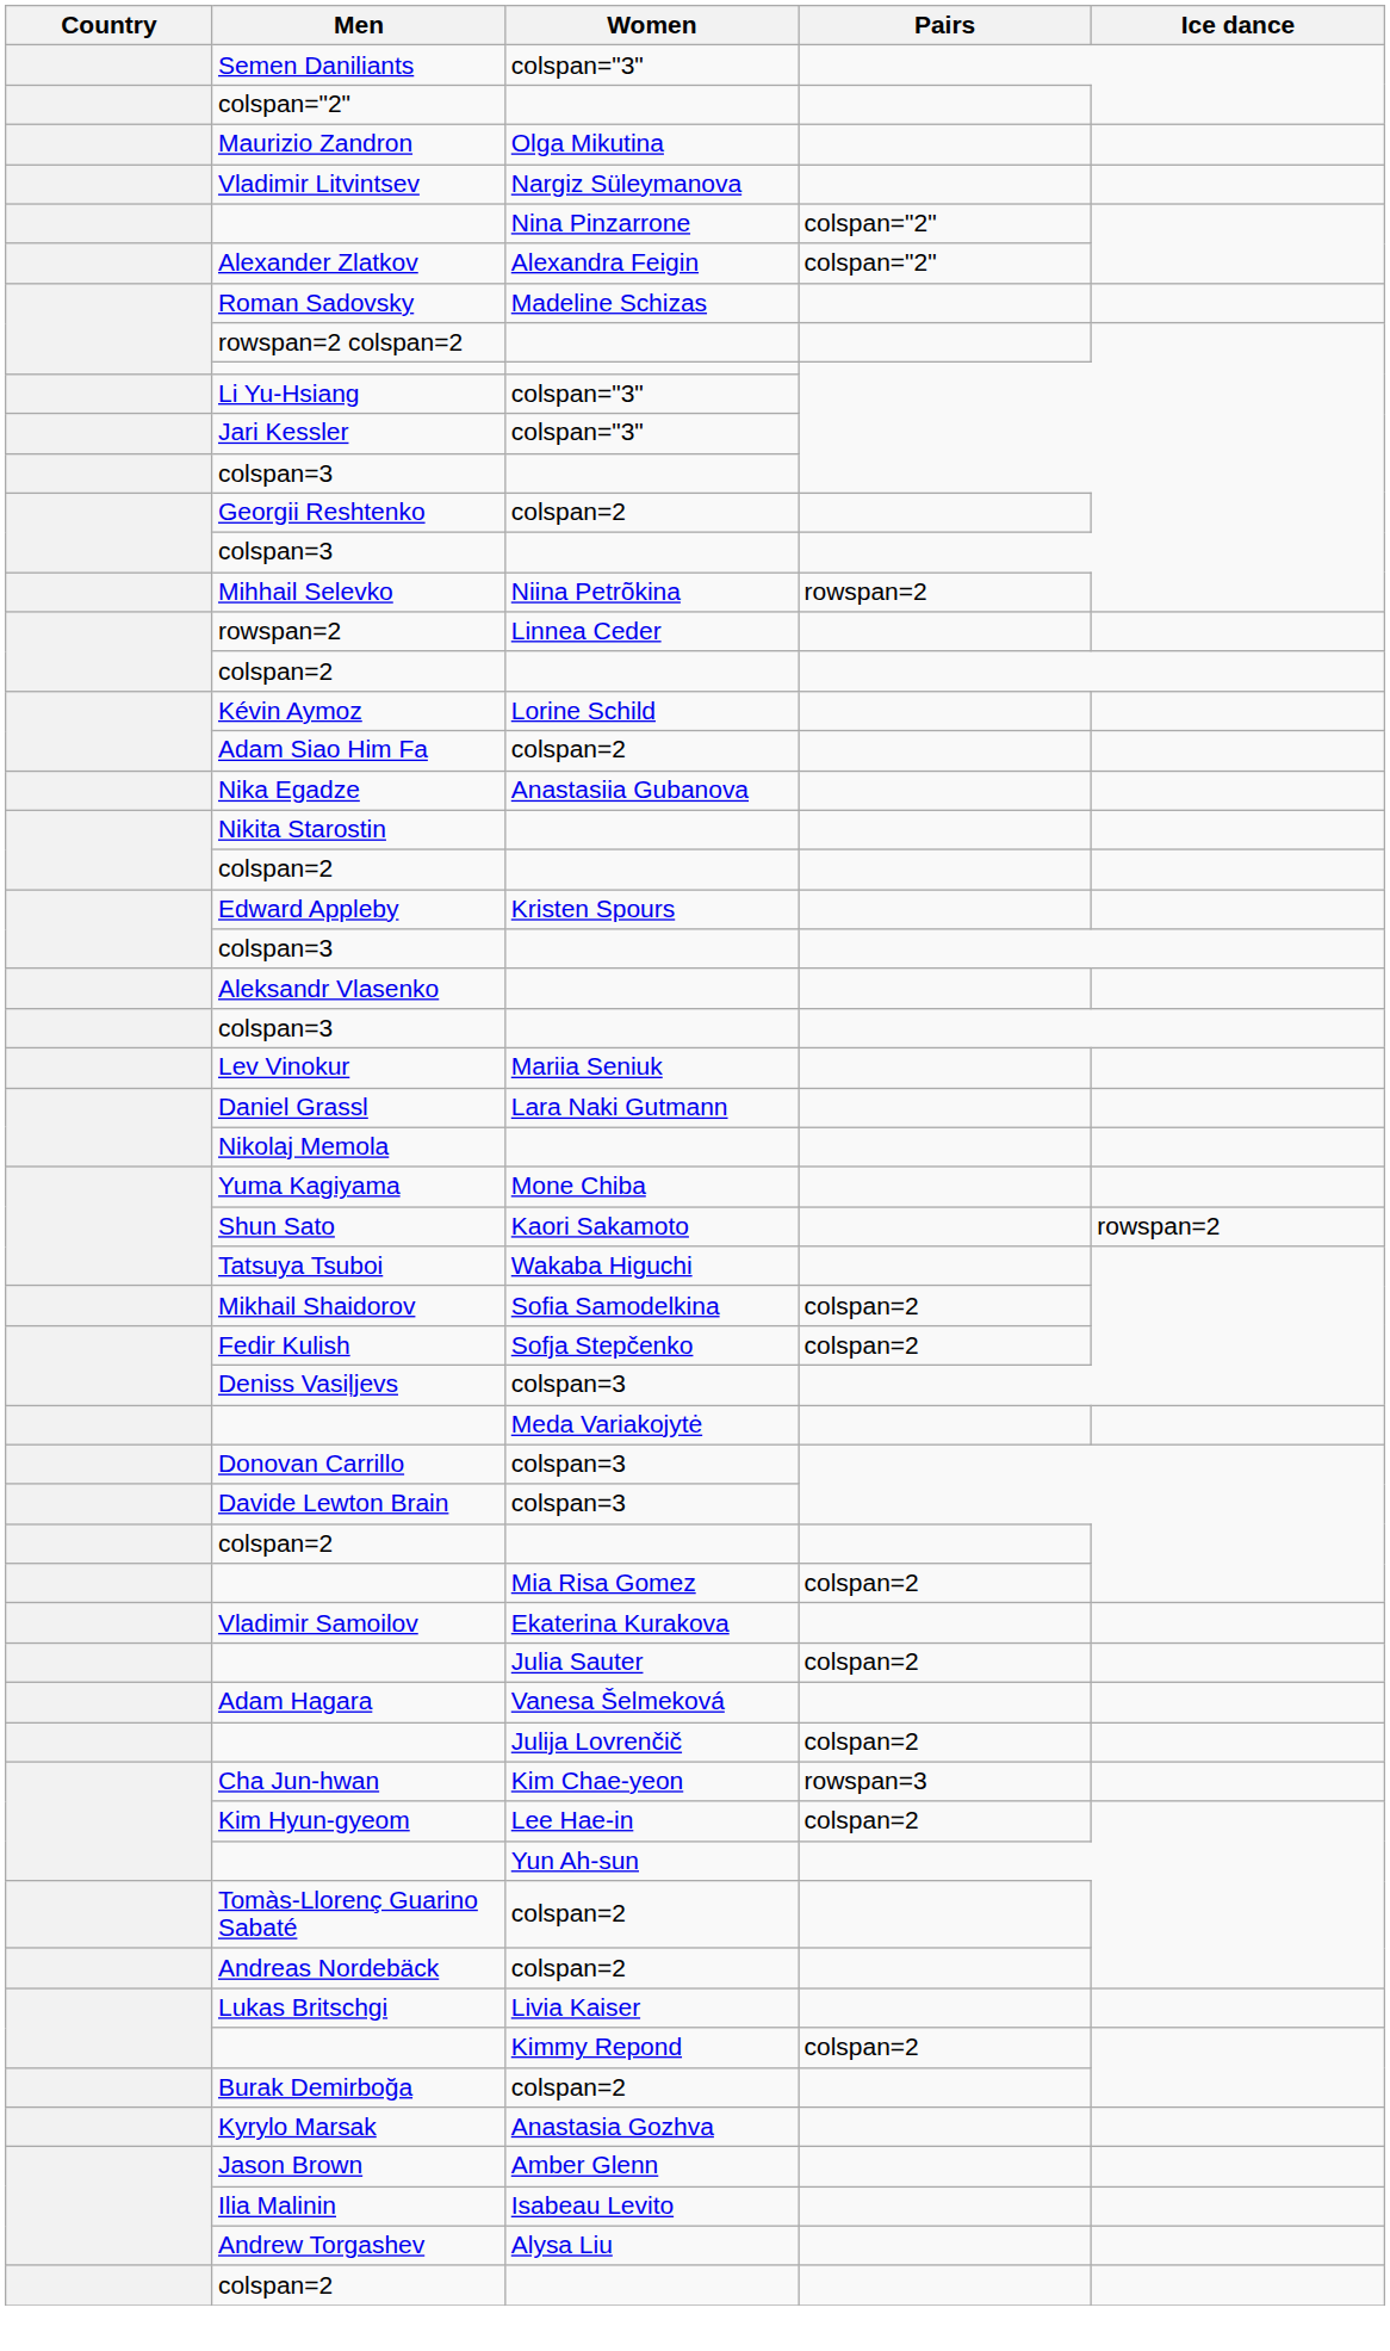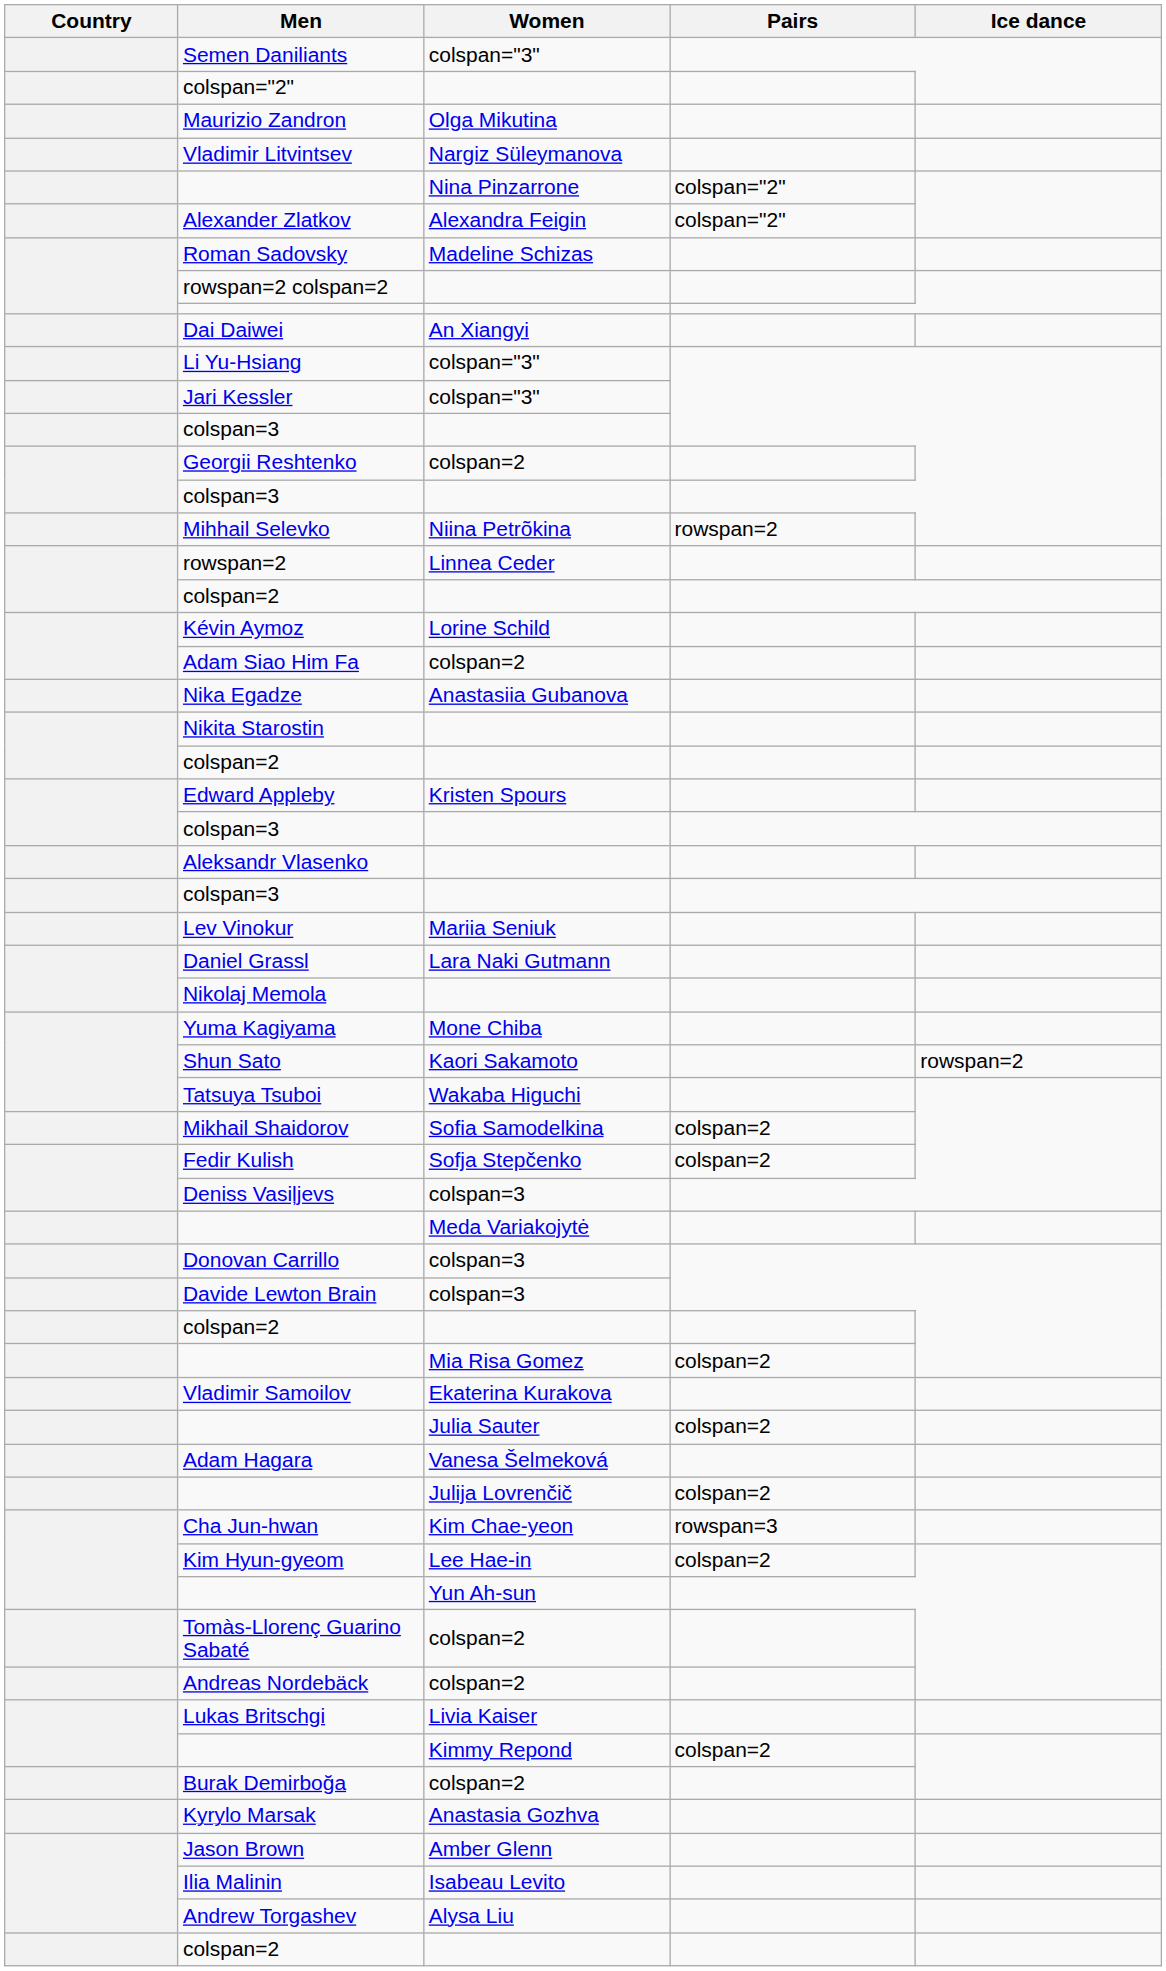 <table class="wikitable unsortable" style="text-align:left; width:100%">
 <tr>
 <th scope="col" style="width:15%">Country</th>
 <th scope="col" style="width:21.25%">Men</th>
 <th scope="col" style="width:21.25%">Women</th>
 <th scope="col" style="width:21.25%">Pairs</th>
 <th scope="col" style="width:21.25%">Ice dance</th>
 </tr>
 <tr>
 <th scope="row" style="text-align:left"></th>
 <td><a href='#'>Semen Daniliants</a></td>
 <td>colspan="3" </td>
 </tr>
 <tr>
 <th scope="row" style="text-align:left"></th>
 <td>colspan="2" </td>
 <td></td>
 <td></td>
 </tr>
 <tr>
 <th scope="row" style="text-align:left"></th>
 <td><a href='#'>Maurizio Zandron</a></td>
 <td><a href='#'>Olga Mikutina</a></td>
 <td></td>
 <td></td>
 </tr>
 <tr>
 <th scope="row" style="text-align:left"></th>
 <td><a href='#'>Vladimir Litvintsev</a></td>
 <td><a href='#'>Nargiz Süleymanova</a></td>
 <td></td>
 <td></td>
 </tr>
 <tr>
 <th scope="row" style="text-align:left"></th>
 <td></td>
 <td><a href='#'>Nina Pinzarrone</a></td>
 <td>colspan="2" </td>
 </tr>
 <tr>
 <th scope="row" style="text-align:left"></th>
 <td><a href='#'>Alexander Zlatkov</a></td>
 <td><a href='#'>Alexandra Feigin</a></td>
 <td>colspan="2" </td>
 </tr>
 <tr>
 <th rowspan="3" scope="row" style="text-align:left"></th>
 <td><a href='#'>Roman Sadovsky</a></td>
 <td><a href='#'>Madeline Schizas</a></td>
 <td></td>
 <td></td>
 </tr>
 <tr>
 <td>rowspan=2 colspan=2 </td>
 <td></td>
 <td></td>
 </tr>
 <tr>
+<td></td>
+<td></td>
+</tr>
+<tr>
+<th scope="row" style="text-align:left"></th>
+<td><a href='#'>Dai Daiwei</a></td>
+<td><a href='#'>An Xiangyi</a></td>
 <td></td>
 <td></td>
 </tr>
 <tr>
 <th scope="row" style="text-align:left"></th>
 <td><a href='#'>Li Yu-Hsiang</a></td>
 <td>colspan="3" </td>
 </tr>
 <tr>
 <th scope="row" style="text-align:left"></th>
 <td><a href='#'>Jari Kessler</a></td>
 <td>colspan="3" </td>
 </tr>
 <tr>
 <th scope="row" style="text-align:left"></th>
 <td>colspan=3 </td>
 <td></td>
 </tr>
 <tr>
 <th scope="row" style="text-align:left" rowspan="2"></th>
 <td><a href='#'>Georgii Reshtenko</a></td>
 <td>colspan=2 </td>
 <td></td>
 </tr>
 <tr>
 <td>colspan=3 </td>
 <td></td>
 </tr>
 <tr>
 <th scope="row" style="text-align:left"></th>
 <td><a href='#'>Mihhail Selevko</a></td>
 <td><a href='#'>Niina Petrõkina</a></td>
 <td>rowspan=2 </td>
 </tr>
 <tr>
 <th rowspan="2" scope="row" style="text-align:left"></th>
 <td>rowspan=2 </td>
 <td><a href='#'>Linnea Ceder</a></td>
 <td></td>
 <td></td>
 </tr>
 <tr>
 <td>colspan=2 </td>
 <td></td>
 </tr>
 <tr>
 <th rowspan="2" scope="row" style="text-align:left"></th>
 <td><a href='#'>Kévin Aymoz</a></td>
 <td><a href='#'>Lorine Schild</a></td>
 <td></td>
 <td></td>
 </tr>
 <tr>
 <td><a href='#'>Adam Siao Him Fa</a></td>
 <td>colspan=2 </td>
 <td></td>
 </tr>
 <tr>
 <th scope="row" style="text-align:left"></th>
 <td><a href='#'>Nika Egadze</a></td>
 <td><a href='#'>Anastasiia Gubanova</a></td>
 <td></td>
 <td></td>
 </tr>
 <tr>
 <th rowspan="2" scope="row" style="text-align:left"></th>
 <td><a href='#'>Nikita Starostin</a></td>
 <td></td>
 <td></td>
 <td></td>
 </tr>
 <tr>
 <td>colspan=2 </td>
 <td></td>
 <td></td>
 </tr>
 <tr>
 <th rowspan="2" scope="row" style="text-align:left"></th>
 <td><a href='#'>Edward Appleby</a></td>
 <td><a href='#'>Kristen Spours</a></td>
 <td></td>
 <td></td>
 </tr>
 <tr>
 <td>colspan=3 </td>
 <td></td>
 </tr>
 <tr>
 <th scope="row" style="text-align:left"></th>
 <td><a href='#'>Aleksandr Vlasenko</a></td>
 <td></td>
 <td></td>
 <td></td>
 </tr>
 <tr>
 <th scope="row" style="text-align:left"></th>
 <td>colspan=3 </td>
 <td></td>
 </tr>
 <tr>
 <th scope="row" style="text-align:left"></th>
 <td><a href='#'>Lev Vinokur</a></td>
 <td><a href='#'>Mariia Seniuk</a></td>
 <td></td>
 <td></td>
 </tr>
 <tr>
 <th rowspan="2" scope="row" style="text-align:left"></th>
 <td><a href='#'>Daniel Grassl</a></td>
 <td><a href='#'>Lara Naki Gutmann</a></td>
 <td></td>
 <td></td>
 </tr>
 <tr>
 <td><a href='#'>Nikolaj Memola</a></td>
 <td></td>
 <td></td>
 <td></td>
 </tr>
 <tr>
 <th rowspan="3" scope="row" style="text-align:left"></th>
 <td><a href='#'>Yuma Kagiyama</a></td>
 <td><a href='#'>Mone Chiba</a></td>
 <td></td>
 <td></td>
 </tr>
 <tr>
 <td><a href='#'>Shun Sato</a></td>
 <td><a href='#'>Kaori Sakamoto</a></td>
 <td></td>
 <td>rowspan=2 </td>
 </tr>
 <tr>
 <td><a href='#'>Tatsuya Tsuboi</a></td>
 <td><a href='#'>Wakaba Higuchi</a></td>
 <td></td>
 </tr>
 <tr>
 <th scope="row" style="text-align:left"></th>
 <td><a href='#'>Mikhail Shaidorov</a></td>
 <td><a href='#'>Sofia Samodelkina</a></td>
 <td>colspan=2 </td>
 </tr>
 <tr>
 <th rowspan="2" scope="row" style="text-align:left"></th>
 <td><a href='#'>Fedir Kulish</a></td>
 <td><a href='#'>Sofja Stepčenko</a></td>
 <td>colspan=2 </td>
 </tr>
 <tr>
 <td><a href='#'>Deniss Vasiļjevs</a></td>
 <td>colspan=3 </td>
 </tr>
 <tr>
 <th scope="row" style="text-align:left"></th>
 <td></td>
 <td><a href='#'>Meda Variakojytė</a></td>
 <td></td>
 <td></td>
 </tr>
 <tr>
 <th scope="row" style="text-align:left"></th>
 <td><a href='#'>Donovan Carrillo</a></td>
 <td>colspan=3 </td>
 </tr>
 <tr>
 <th scope="row" style="text-align:left"></th>
 <td><a href='#'>Davide Lewton Brain</a></td>
 <td>colspan=3 </td>
 </tr>
 <tr>
 <th scope="row" style="text-align:left"></th>
 <td>colspan=2 </td>
 <td></td>
 <td></td>
 </tr>
 <tr>
 <th scope="row" style="text-align:left"></th>
 <td></td>
 <td><a href='#'>Mia Risa Gomez</a></td>
 <td>colspan=2 </td>
 </tr>
 <tr>
 <th scope="row" style="text-align:left"></th>
 <td><a href='#'>Vladimir Samoilov</a></td>
 <td><a href='#'>Ekaterina Kurakova</a></td>
 <td></td>
 <td></td>
 </tr>
 <tr>
 <th scope="row" style="text-align:left"></th>
 <td></td>
 <td><a href='#'>Julia Sauter</a></td>
 <td>colspan=2 </td>
 </tr>
 <tr>
 <th scope="row" style="text-align:left"></th>
 <td><a href='#'>Adam Hagara</a></td>
 <td><a href='#'>Vanesa Šelmeková</a></td>
 <td></td>
 <td></td>
 </tr>
 <tr>
 <th scope="row" style="text-align:left"></th>
 <td></td>
 <td><a href='#'>Julija Lovrenčič</a></td>
 <td>colspan=2 </td>
 </tr>
 <tr>
 <th rowspan="3" scope="row" style="text-align:left"></th>
 <td><a href='#'>Cha Jun-hwan</a></td>
 <td><a href='#'>Kim Chae-yeon</a></td>
 <td>rowspan=3 </td>
 <td></td>
 </tr>
 <tr>
 <td><a href='#'>Kim Hyun-gyeom</a></td>
 <td><a href='#'>Lee Hae-in</a></td>
 <td>colspan=2 </td>
 </tr>
 <tr>
 <td></td>
 <td><a href='#'>Yun Ah-sun</a></td>
 </tr>
 <tr>
 <th scope="row" style="text-align:left"></th>
 <td><a href='#'>Tomàs-Llorenç Guarino Sabaté</a></td>
 <td>colspan=2 </td>
 <td></td>
 </tr>
 <tr>
 <th scope="row" style="text-align:left"></th>
 <td><a href='#'>Andreas Nordebäck</a></td>
 <td>colspan=2 </td>
 <td></td>
 </tr>
 <tr>
 <th rowspan=2 scope="row" style="text-align:left"></th>
 <td><a href='#'>Lukas Britschgi</a></td>
 <td><a href='#'>Livia Kaiser</a></td>
 <td></td>
 <td></td>
 </tr>
 <tr>
 <td></td>
 <td><a href='#'>Kimmy Repond</a></td>
 <td>colspan=2 </td>
 </tr>
 <tr>
 <th scope="row" style="text-align:left"></th>
 <td><a href='#'>Burak Demirboğa</a></td>
 <td>colspan=2 </td>
 <td></td>
 </tr>
 <tr>
 <th scope="row" style="text-align:left"></th>
 <td><a href='#'>Kyrylo Marsak</a></td>
 <td><a href='#'>Anastasia Gozhva</a></td>
 <td></td>
 <td></td>
 </tr>
 <tr>
 <th rowspan="3" scope="row" style="text-align:left"></th>
 <td><a href='#'>Jason Brown</a></td>
 <td><a href='#'>Amber Glenn</a></td>
 <td></td>
 <td></td>
 </tr>
 <tr>
 <td><a href='#'>Ilia Malinin</a></td>
 <td><a href='#'>Isabeau Levito</a></td>
 <td></td>
 <td></td>
 </tr>
 <tr>
 <td><a href='#'>Andrew Torgashev</a></td>
 <td><a href='#'>Alysa Liu</a></td>
 <td></td>
 <td></td>
 </tr>
 <tr>
 <th scope="row" style="text-align:left"></th>
 <td>colspan=2 </td>
 <td></td>
 <td></td>
 </tr>
 </table>
